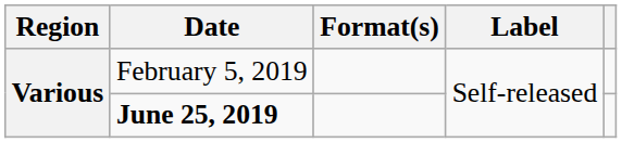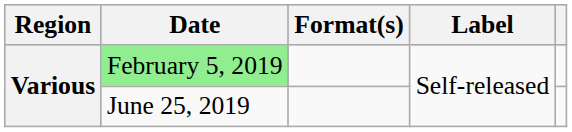 <table class="wikitable plainrowheaders">
 <tr>
 <th scope="col">Region</th>
 <th scope="col">Date</th>
 <th scope="col">Format(s)</th>
 <th scope="col">Label</th>
 <th scope="col"></th>
 </tr>
 <tr>
 <th rowspan="2" scope="row">Various</th>
-<td>February 5, 2019</td>
+<td style="background: lightgreen;">February 5, 2019</td>
 <td></td>
 <td rowspan="2">Self-released</td>
 <td></td>
 </tr>
 <tr>
-<td><strong>June 25, 2019</strong></td>
+<td>June 25, 2019</td>
 <td></td>
 <td></td>
 </tr>
 </table>
